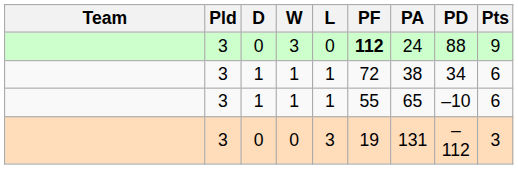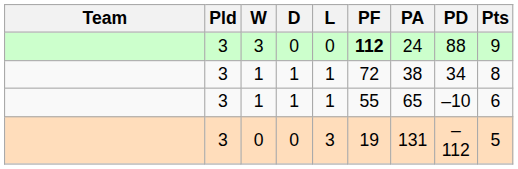 <table class="wikitable" style="text-align:center;">
 <tr>
 <th width=175>Team</th>
 <th width=25 abbr="Played">Pld</th>
+<th width=25 abbr="Won">W</th>
 <th width=25 abbr="Drawn">D</th>
-<th width=25 abbr="Won">W</th>
 <th width=25 abbr="Lost">L</th>
 <th width=32 abbr="Points for">PF</th>
 <th width=32 abbr="Points against">PA</th>
 <th width=32 abbr="Points difference">PD</th>
 <th width=25 abbr="Points">Pts</th>
 </tr>
 <tr bgcolor="#ccffcc">
 <td align=left></td>
 <td>3</td>
+<td>3</td>
 <td>0</td>
-<td>3</td>
 <td>0</td>
 <td><strong>112</strong></td>
 <td>24</td>
 <td>88</td>
 <td>9</td>
 </tr>
 <tr>
 <td align=left></td>
 <td>3</td>
 <td>1</td>
 <td>1</td>
 <td>1</td>
 <td>72</td>
 <td>38</td>
 <td>34</td>
-<td>6</td>
+<td>8</td>
 </tr>
 <tr>
 <td align=left></td>
 <td>3</td>
 <td>1</td>
 <td>1</td>
 <td>1</td>
 <td>55</td>
 <td>65</td>
 <td>–10</td>
 <td>6</td>
 </tr>
 <tr bgcolor="#ffddbb">
 <td align=left></td>
 <td>3</td>
 <td>0</td>
 <td>0</td>
 <td>3</td>
 <td>19</td>
 <td>131</td>
 <td>–112</td>
-<td>3</td>
+<td>5</td>
 </tr>
 </table>
